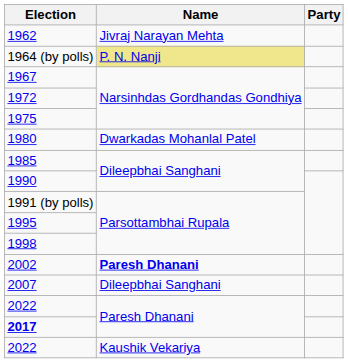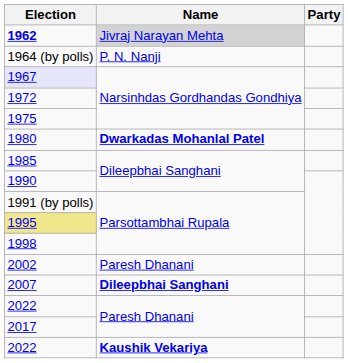 <table class ="wikitable sortable">
 <tr>
 <th>Election</th>
 <th>Name</th>
 <th colspan=2>Party</th>
 </tr>
 <tr>
-<td><a href='#'>1962</a></td>
-<td><a href='#'>Jivraj Narayan Mehta</a></td>
+<td><strong><a href='#'>1962</a></strong></td>
+<td style="background: lightgrey;"><a href='#'>Jivraj Narayan Mehta</a></td>
 <td></td>
 </tr>
 <tr>
 <td>1964 (by polls)</td>
-<td style="background: khaki;"><a href='#'>P. N. Nanji</a></td>
+<td><a href='#'>P. N. Nanji</a></td>
 <td></td>
 </tr>
 <tr>
-<td><a href='#'>1967</a></td>
+<td style="background: lavender;"><a href='#'>1967</a></td>
 <td rowspan=3><a href='#'>Narsinhdas Gordhandas Gondhiya</a></td>
 <td></td>
 </tr>
 <tr>
 <td><a href='#'>1972</a></td>
 <td></td>
 </tr>
 <tr>
 <td><a href='#'>1975</a></td>
 </tr>
 <tr>
 <td><a href='#'>1980</a></td>
-<td><a href='#'>Dwarkadas Mohanlal Patel</a></td>
+<td><strong><a href='#'>Dwarkadas Mohanlal Patel</a></strong></td>
 <td></td>
 </tr>
 <tr>
 <td><a href='#'>1985</a></td>
 <td rowspan=2><a href='#'>Dileepbhai Sanghani</a></td>
 <td></td>
 </tr>
 <tr>
 <td><a href='#'>1990</a></td>
 </tr>
 <tr>
 <td>1991 (by polls)</td>
 <td rowspan=3><a href='#'>Parsottambhai Rupala</a></td>
 </tr>
 <tr>
-<td><a href='#'>1995</a></td>
+<td style="background: khaki;"><a href='#'>1995</a></td>
 </tr>
 <tr>
 <td><a href='#'>1998</a></td>
 </tr>
 <tr>
 <td><a href='#'>2002</a></td>
-<td><strong><a href='#'>Paresh Dhanani</a></strong></td>
+<td><a href='#'>Paresh Dhanani</a></td>
 <td></td>
 </tr>
 <tr>
 <td><a href='#'>2007</a></td>
-<td><a href='#'>Dileepbhai Sanghani</a></td>
+<td><strong><a href='#'>Dileepbhai Sanghani</a></strong></td>
 <td></td>
 </tr>
 <tr>
 <td><a href='#'>2022</a></td>
 <td rowspan=2><a href='#'>Paresh Dhanani</a></td>
 <td></td>
 </tr>
 <tr>
-<td><strong><a href='#'>2017</a></strong></td>
+<td><a href='#'>2017</a></td>
 </tr>
 <tr>
 <td><a href='#'>2022</a></td>
-<td><a href='#'>Kaushik Vekariya</a></td>
+<td><strong><a href='#'>Kaushik Vekariya</a></strong></td>
 <td></td>
 </tr>
 </table>
